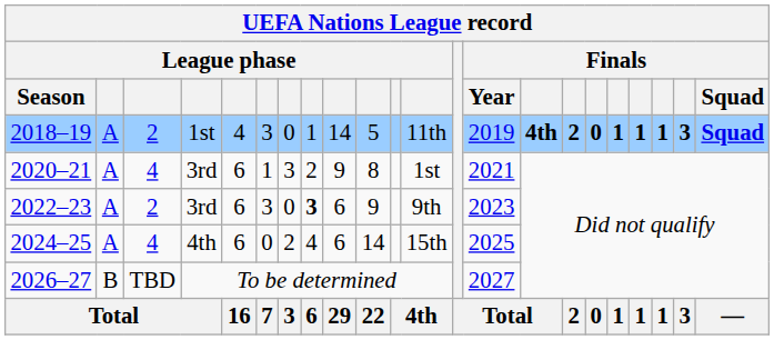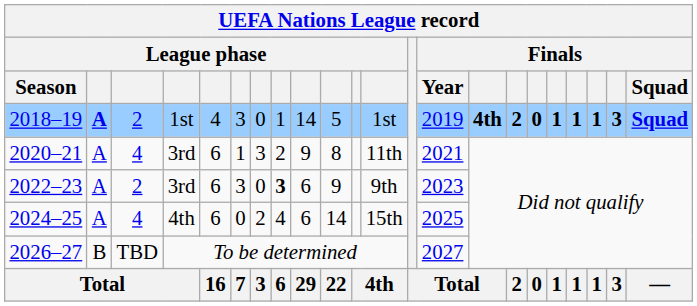 <table class="wikitable" style="text-align:center">
 <tr>
 <th colspan=22><a href='#'>UEFA Nations League</a> record</th>
 </tr>
 <tr>
 <th colspan=12>League phase</th>
 <th rowspan=7></th>
 <th colspan=9>Finals</th>
 </tr>
 <tr>
 <th>Season</th>
 <th></th>
 <th></th>
 <th></th>
 <th></th>
 <th></th>
 <th></th>
 <th></th>
 <th></th>
 <th></th>
 <th></th>
 <th></th>
 <th>Year</th>
 <th></th>
 <th></th>
 <th></th>
 <th></th>
 <th></th>
 <th></th>
 <th></th>
 <th>Squad</th>
 </tr>
 <tr style="background:#9acdff">
 <td><a href='#'>2018–19</a></td>
-<td><a href='#'>A</a></td>
+<td><strong><a href='#'>A</a></strong></td>
 <td><a href='#'>2</a></td>
 <td>1st</td>
 <td>4</td>
 <td>3</td>
 <td>0</td>
 <td>1</td>
 <td>14</td>
 <td>5</td>
 <td></td>
-<td>11th</td>
+<td>1st</td>
 <td> <a href='#'>2019</a></td>
 <td><strong>4th</strong></td>
 <td><strong>2</strong></td>
 <td><strong>0</strong></td>
 <td><strong>1</strong></td>
 <td><strong>1</strong></td>
 <td><strong>1</strong></td>
 <td><strong>3</strong></td>
 <td><strong><a href='#'>Squad</a></strong></td>
 </tr>
 <tr>
 <td><a href='#'>2020–21</a></td>
 <td><a href='#'>A</a></td>
 <td><a href='#'>4</a></td>
 <td>3rd</td>
 <td>6</td>
 <td>1</td>
 <td>3</td>
 <td>2</td>
 <td>9</td>
 <td>8</td>
 <td></td>
-<td>1st</td>
+<td>11th</td>
 <td> <a href='#'>2021</a></td>
 <td colspan=8 rowspan=4><em>Did not qualify</em></td>
 </tr>
 <tr>
 <td><a href='#'>2022–23</a></td>
 <td><a href='#'>A</a></td>
 <td><a href='#'>2</a></td>
 <td>3rd</td>
 <td>6</td>
 <td>3</td>
 <td>0</td>
 <td><strong>3</strong></td>
 <td>6</td>
 <td>9</td>
 <td></td>
 <td>9th</td>
 <td> <a href='#'>2023</a></td>
 </tr>
 <tr>
 <td><a href='#'>2024–25</a></td>
 <td><a href='#'>A</a></td>
 <td><a href='#'>4</a></td>
 <td>4th</td>
 <td>6</td>
 <td>0</td>
 <td>2</td>
 <td>4</td>
 <td>6</td>
 <td>14</td>
 <td></td>
 <td>15th</td>
 <td> <a href='#'>2025</a></td>
 </tr>
 <tr>
 <td><a href='#'>2026–27</a></td>
 <td>B</td>
 <td>TBD</td>
 <td colspan=9><em>To be determined</em></td>
 <td> <a href='#'>2027</a></td>
 </tr>
 <tr>
 <th colspan=4>Total</th>
 <th>16</th>
 <th>7</th>
 <th>3</th>
 <th>6</th>
 <th>29</th>
 <th>22</th>
 <th colspan=2>4th</th>
 <th colspan=3>Total</th>
 <th>2</th>
 <th>0</th>
 <th>1</th>
 <th>1</th>
 <th>1</th>
 <th>3</th>
 <th>—</th>
 </tr>
 </table>
